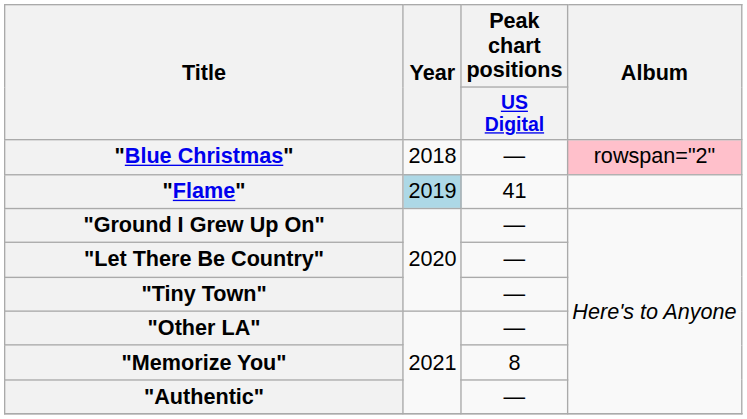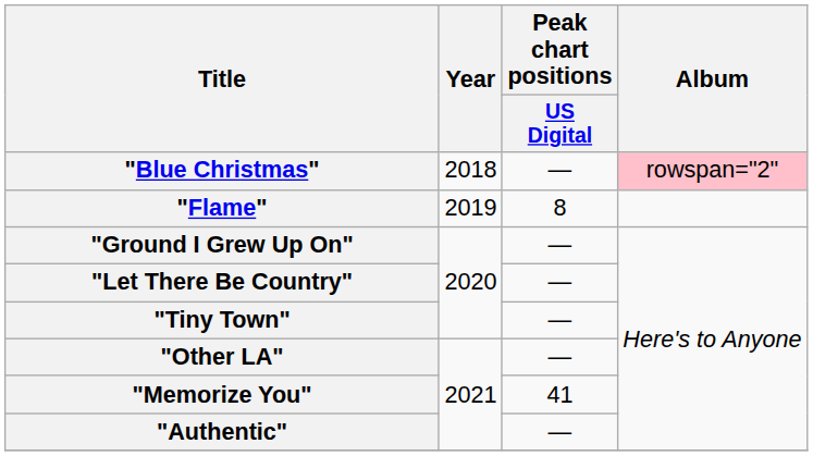 <table class="wikitable plainrowheaders" style="text-align:center;">
 <tr>
 <th scope="col" rowspan="2" style="width:18em;">Title</th>
 <th scope="col" rowspan="2" style="width:1em;">Year</th>
 <th scope="col">Peak chart positions</th>
 <th scope="col" rowspan="2">Album</th>
 </tr>
 <tr>
 <th scope="col" style="width:2.5em;font-size:90%;"><a href='#'>US<br>Digital</a><br></th>
 </tr>
 <tr>
 <th scope="row">"<a href='#'>Blue Christmas</a>"<br></th>
 <td>2018</td>
 <td>—</td>
 <td style="background: pink;">rowspan="2" </td>
 </tr>
 <tr>
 <th scope="row">"<a href='#'>Flame</a>"</th>
-<td style="background: lightblue;">2019</td>
-<td>41</td>
+<td>2019</td>
+<td>8</td>
 </tr>
 <tr>
 <th scope="row">"Ground I Grew Up On"</th>
 <td rowspan="3">2020</td>
 <td>—</td>
 <td rowspan="6"><em>Here's to Anyone</em></td>
 </tr>
 <tr>
 <th scope="row">"Let There Be Country"</th>
 <td>—</td>
 </tr>
 <tr>
 <th scope="row">"Tiny Town"</th>
 <td>—</td>
 </tr>
 <tr>
 <th scope="row">"Other LA"</th>
 <td rowspan="3">2021</td>
 <td>—</td>
 </tr>
 <tr>
 <th scope="row">"Memorize You"</th>
-<td>8</td>
+<td>41</td>
 </tr>
 <tr>
 <th scope="row">"Authentic"</th>
 <td>—</td>
 </tr>
 <tr>
 </tr>
 </table>
